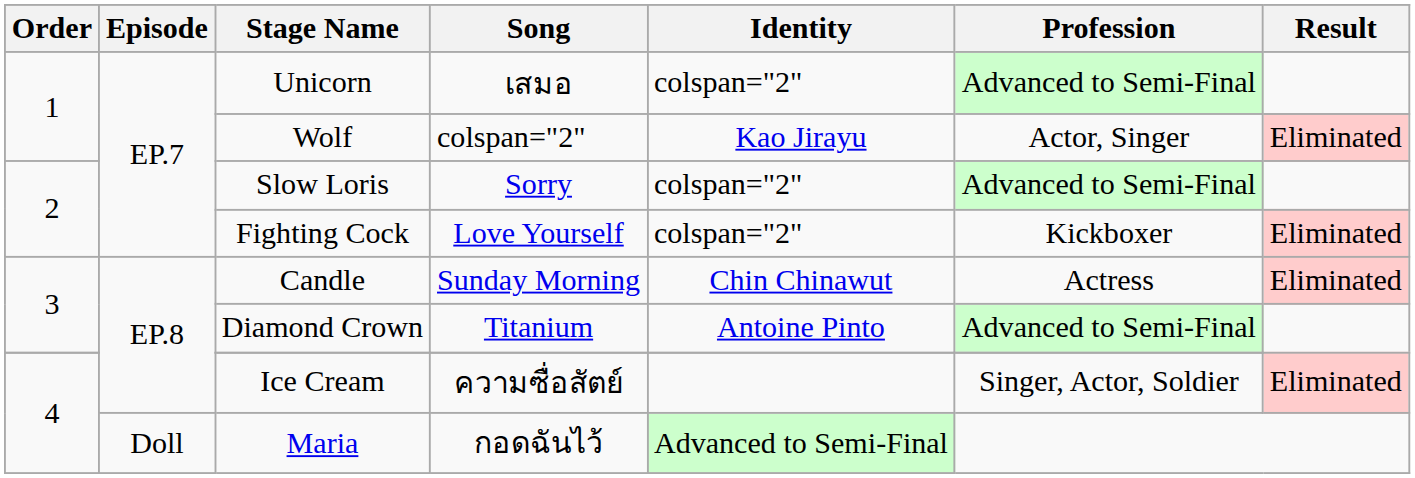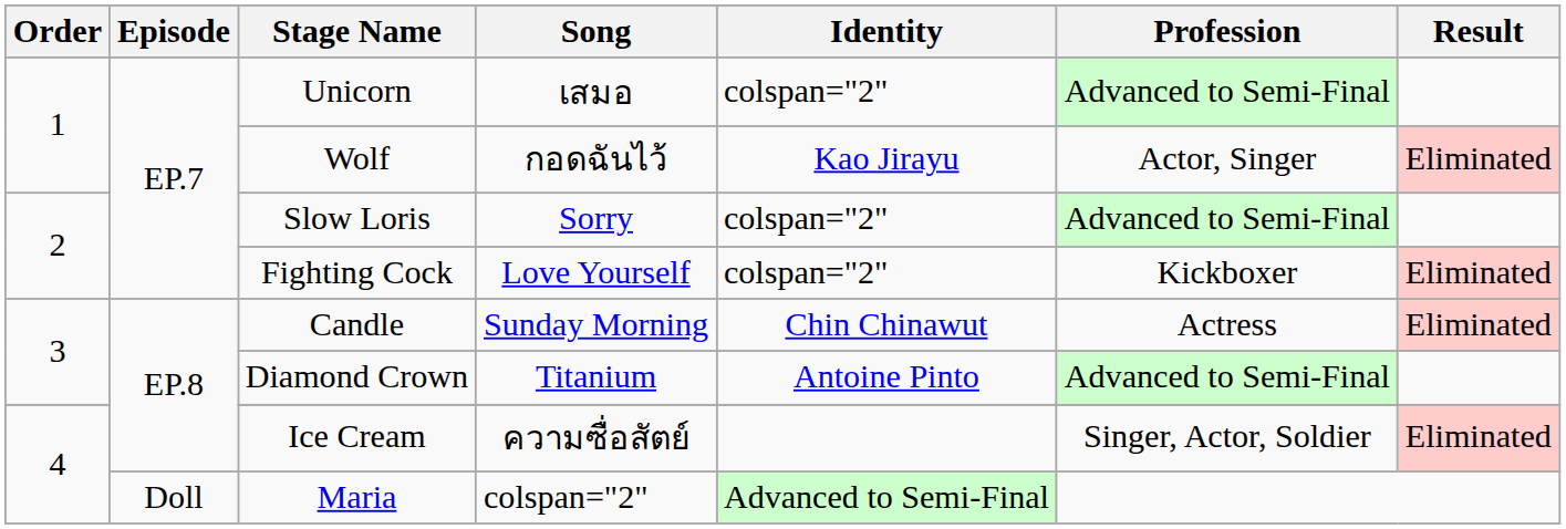 <table class="wikitable">
 <tr>
 <th>Order</th>
 <th>Episode</th>
 <th>Stage Name</th>
 <th>Song</th>
 <th>Identity</th>
 <th>Profession</th>
 <th>Result</th>
 </tr>
 <tr>
 <td rowspan="2" style="text-align:center;">1</td>
 <td rowspan="4" align="center">EP.7</td>
 <td style="text-align:center;">Unicorn</td>
 <td style="text-align:center;">เสมอ</td>
 <td>colspan="2"  </td>
 <td style="text-align:center; background:#ccffcc;">Advanced to Semi-Final</td>
 </tr>
 <tr>
 <td style="text-align:center;">Wolf</td>
-<td>colspan="2"  </td>
+<td style="text-align:center;">กอดฉันไว้</td>
 <td style="text-align:center;"><a href='#'>Kao Jirayu</a></td>
 <td style="text-align:center;">Actor, Singer</td>
 <td style="text-align:center; background:#ffcccc;">Eliminated</td>
 </tr>
 <tr>
 <td rowspan="2" style="text-align:center;">2</td>
 <td style="text-align:center;">Slow Loris</td>
 <td style="text-align:center;"><a href='#'>Sorry</a></td>
 <td>colspan="2"  </td>
 <td style="text-align:center; background:#ccffcc;">Advanced to Semi-Final</td>
 </tr>
 <tr>
 <td style="text-align:center;">Fighting Cock</td>
 <td style="text-align:center;"><a href='#'>Love Yourself</a></td>
 <td>colspan="2"  </td>
 <td style="text-align:center;">Kickboxer</td>
 <td style="text-align:center; background:#ffcccc;">Eliminated</td>
 </tr>
 <tr>
 <td rowspan="2" style="text-align:center;">3</td>
 <td rowspan="4" align="center">EP.8</td>
 <td style="text-align:center;">Candle</td>
 <td style="text-align:center;"><a href='#'>Sunday Morning</a></td>
 <td style="text-align:center;"><a href='#'>Chin Chinawut</a></td>
 <td style="text-align:center;">Actress</td>
 <td style="text-align:center; background:#ffcccc;">Eliminated</td>
 </tr>
 <tr>
 <td style="text-align:center;">Diamond Crown</td>
 <td style="text-align:center;"><a href='#'>Titanium</a></td>
 <td style="text-align:center;"><a href='#'>Antoine Pinto</a></td>
 <td style="text-align:center; background:#ccffcc;">Advanced to Semi-Final</td>
 </tr>
 <tr>
 </tr>
 <tr style="text-align:center;">
 <td rowspan="2">4</td>
 <td style="text-align:center;">Ice Cream</td>
 <td style="text-align:center;">ความซื่อสัตย์</td>
 <td style="text-align:center;"></td>
 <td style="text-align:center;">Singer, Actor, Soldier</td>
 <td style="text-align:center; background:#ffcccc;">Eliminated</td>
 </tr>
 <tr>
 <td style="text-align:center;">Doll</td>
 <td style="text-align:center;"><a href='#'>Maria</a></td>
-<td style="text-align:center;">กอดฉันไว้</td>
+<td>colspan="2"  </td>
 <td style="text-align:center; background:#ccffcc;">Advanced to Semi-Final</td>
 </tr>
 </table>
